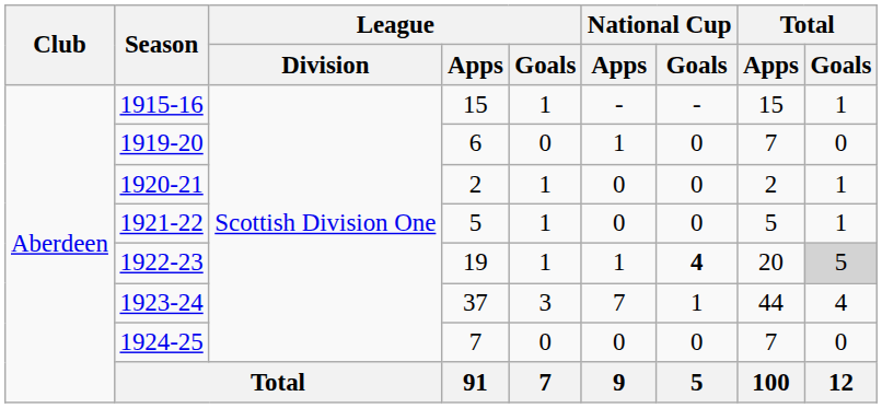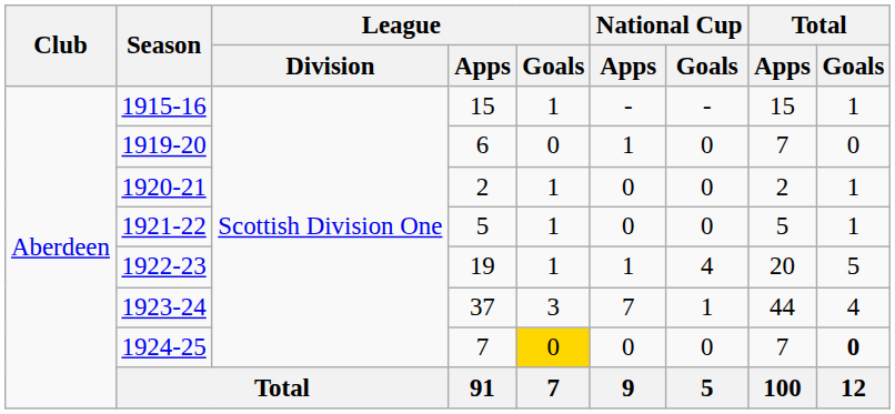 <table class="wikitable" style="text-align:center">
 <tr>
 <th rowspan="2">Club</th>
 <th rowspan="2">Season</th>
 <th colspan="3">League</th>
 <th colspan="2">National Cup</th>
 <th colspan="2">Total</th>
 </tr>
 <tr>
 <th>Division</th>
 <th>Apps</th>
 <th>Goals</th>
 <th>Apps</th>
 <th>Goals</th>
 <th>Apps</th>
 <th>Goals</th>
 </tr>
 <tr>
 <td rowspan="8"><a href='#'>Aberdeen</a></td>
 <td><a href='#'>1915-16</a></td>
 <td rowspan="7"><a href='#'>Scottish Division One</a></td>
 <td>15</td>
 <td>1</td>
 <td>-</td>
 <td>-</td>
 <td>15</td>
 <td>1</td>
 </tr>
 <tr>
 <td><a href='#'>1919-20</a></td>
 <td>6</td>
 <td>0</td>
 <td>1</td>
 <td>0</td>
 <td>7</td>
 <td>0</td>
 </tr>
 <tr>
 <td><a href='#'>1920-21</a></td>
 <td>2</td>
 <td>1</td>
 <td>0</td>
 <td>0</td>
 <td>2</td>
 <td>1</td>
 </tr>
 <tr>
 <td><a href='#'>1921-22</a></td>
 <td>5</td>
 <td>1</td>
 <td>0</td>
 <td>0</td>
 <td>5</td>
 <td>1</td>
 </tr>
 <tr>
 <td><a href='#'>1922-23</a></td>
 <td>19</td>
 <td>1</td>
 <td>1</td>
-<td><strong>4</strong></td>
+<td>4</td>
 <td>20</td>
-<td style="background: lightgrey;">5</td>
+<td>5</td>
 </tr>
 <tr>
 <td><a href='#'>1923-24</a></td>
 <td>37</td>
 <td>3</td>
 <td>7</td>
 <td>1</td>
 <td>44</td>
 <td>4</td>
 </tr>
 <tr>
 <td><a href='#'>1924-25</a></td>
 <td>7</td>
-<td>0</td>
+<td style="background: gold;">0</td>
 <td>0</td>
 <td>0</td>
 <td>7</td>
-<td>0</td>
+<td><strong>0</strong></td>
 </tr>
 <tr>
 <th colspan="2">Total</th>
 <th>91</th>
 <th>7</th>
 <th>9</th>
 <th>5</th>
 <th>100</th>
 <th>12</th>
 </tr>
 </table>
